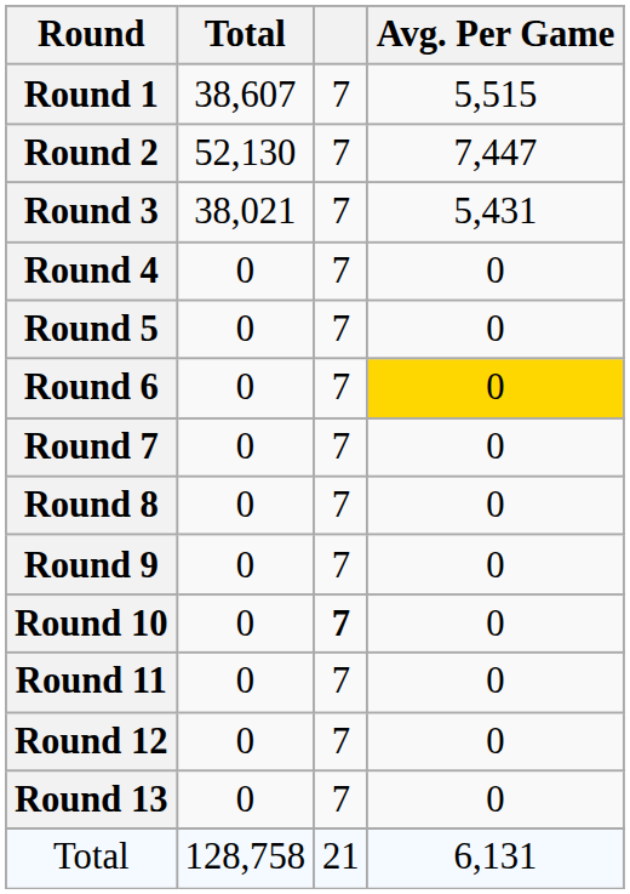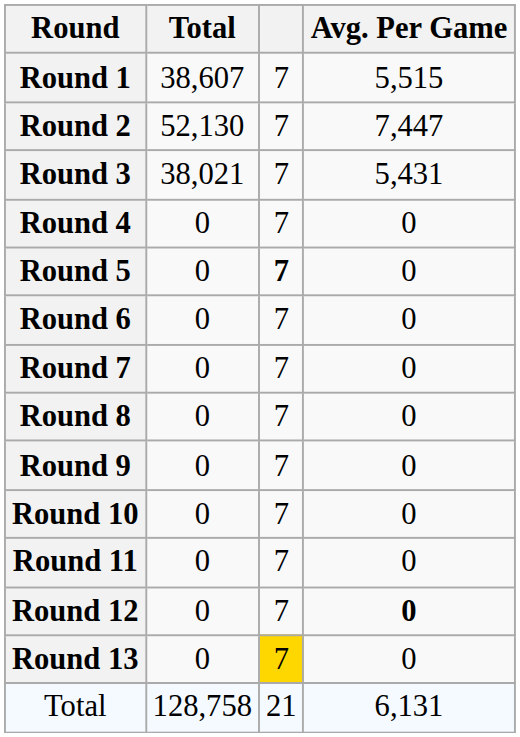 <table class="wikitable plainrowheaders sortable" style="text-align:center;">
 <tr>
 <th>Round</th>
 <th>Total</th>
 <th></th>
 <th>Avg. Per Game</th>
 </tr>
 <tr>
 <th scope='row'>Round 1</th>
 <td>38,607</td>
 <td>7</td>
 <td>5,515</td>
 </tr>
 <tr>
 <th scope='row'>Round 2</th>
 <td>52,130</td>
 <td>7</td>
 <td>7,447</td>
 </tr>
 <tr>
 <th scope='row'>Round 3</th>
 <td>38,021</td>
 <td>7</td>
 <td>5,431</td>
 </tr>
 <tr>
 <th scope='row'>Round 4</th>
 <td>0</td>
 <td>7</td>
 <td>0 </td>
 </tr>
 <tr>
 <th scope='row'>Round 5</th>
 <td>0</td>
-<td>7</td>
+<td><strong>7</strong></td>
 <td>0</td>
 </tr>
 <tr>
 <th scope='row'>Round 6</th>
 <td>0</td>
 <td>7</td>
-<td style="background: gold;">0</td>
+<td>0</td>
 </tr>
 <tr>
 <th scope='row'>Round 7</th>
 <td>0</td>
 <td>7</td>
 <td>0</td>
 </tr>
 <tr>
 <th scope='row'>Round 8</th>
 <td>0</td>
 <td>7</td>
 <td>0</td>
 </tr>
 <tr>
 <th scope='row'>Round 9</th>
 <td>0</td>
 <td>7</td>
 <td>0</td>
 </tr>
 <tr>
 <th scope='row'>Round 10</th>
 <td>0</td>
-<td><strong>7</strong></td>
+<td>7</td>
 <td>0</td>
 </tr>
 <tr>
 <th scope='row'>Round 11</th>
 <td>0</td>
 <td>7</td>
 <td>0</td>
 </tr>
 <tr>
 <th scope='row'>Round 12</th>
 <td>0</td>
 <td>7</td>
-<td>0</td>
+<td><strong>0</strong></td>
 </tr>
 <tr>
 <th scope='row'>Round 13</th>
 <td>0</td>
-<td>7</td>
+<td style="background: gold;">7</td>
 <td>0</td>
 </tr>
 <tr>
 </tr>
 <tr style="background:#f4faff;">
 <td>Total</td>
 <td>128,758</td>
 <td>21</td>
 <td>6,131</td>
 </tr>
 </table>
